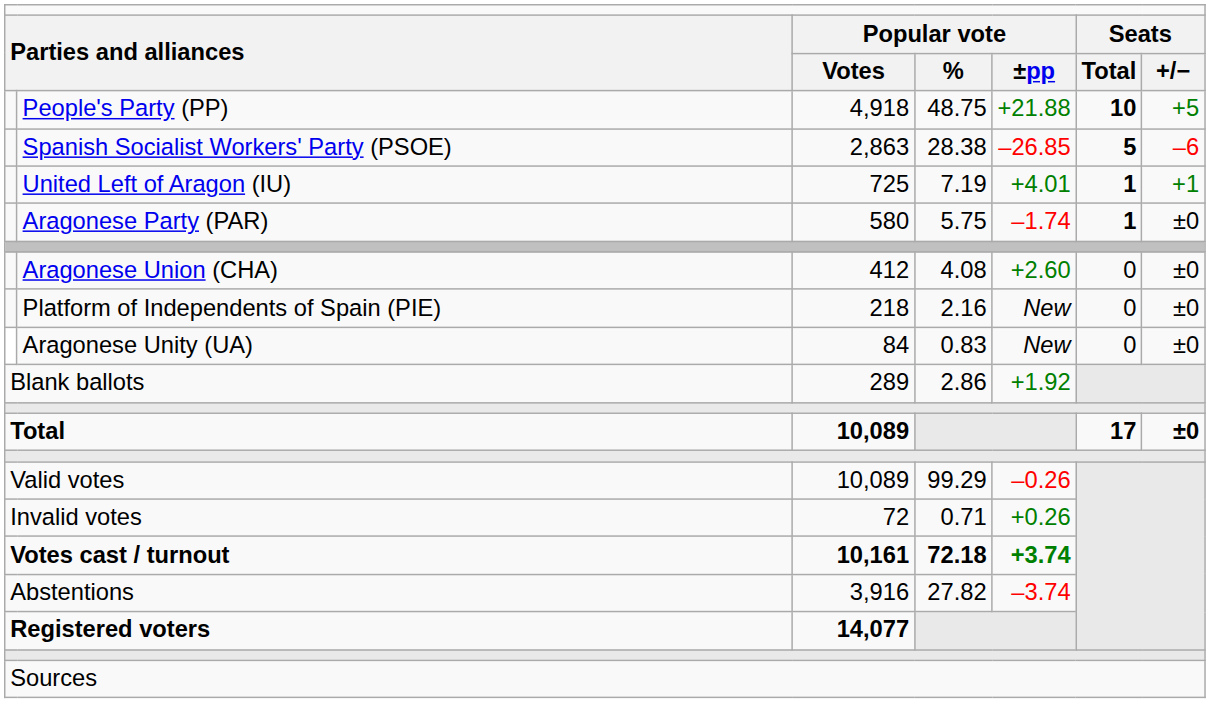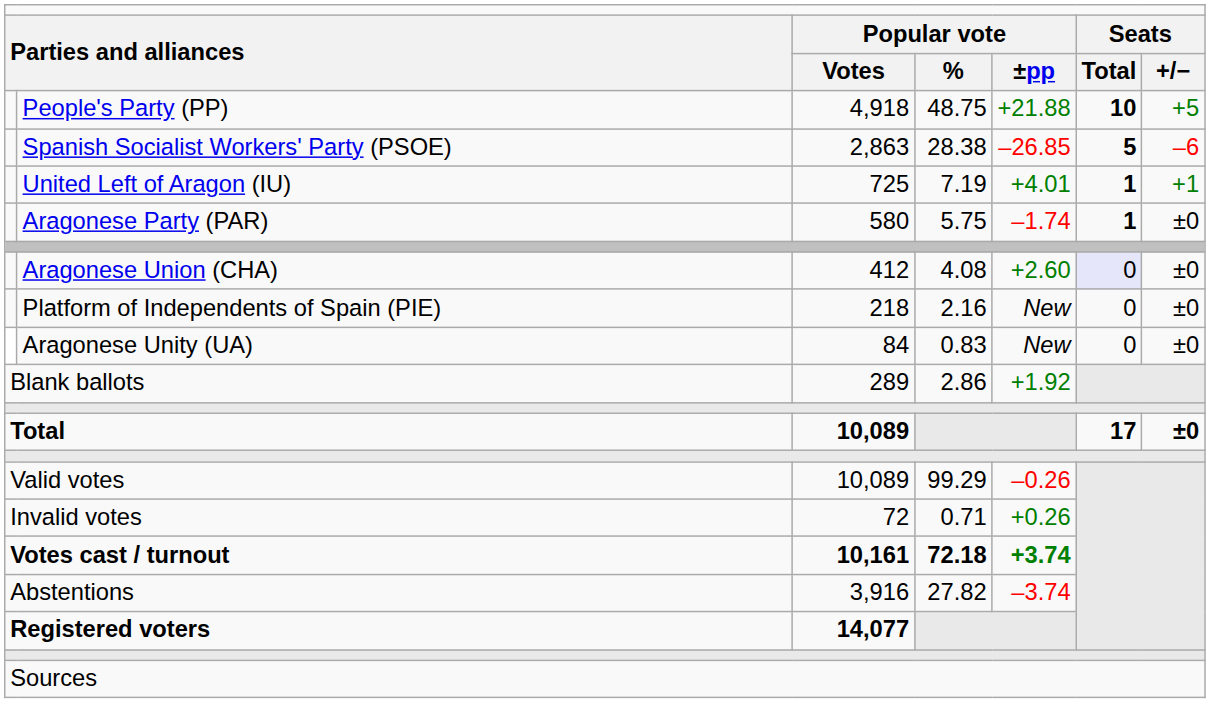 <table class="wikitable" style="text-align:right;">
 <tr>
 <td colspan="7"></td>
 </tr>
 <tr>
 <th style="text-align:left;" rowspan="2" colspan="2" width="525">Parties and alliances</th>
 <th colspan="3">Popular vote</th>
 <th colspan="2">Seats</th>
 </tr>
 <tr>
 <th width="75">Votes</th>
 <th width="45">%</th>
 <th width="45">±<a href='#'>pp</a></th>
 <th width="35">Total</th>
 <th width="35">+/−</th>
 </tr>
 <tr>
 <td width="1" style="color:inherit;background:"></td>
 <td align="left"><a href='#'>People's Party</a> (PP)</td>
 <td>4,918</td>
 <td>48.75</td>
 <td style="color:green;">+21.88</td>
 <td><strong>10</strong></td>
 <td style="color:green;">+5</td>
 </tr>
 <tr>
 <td style="color:inherit;background:"></td>
 <td align="left"><a href='#'>Spanish Socialist Workers' Party</a> (PSOE)</td>
 <td>2,863</td>
 <td>28.38</td>
 <td style="color:red;">–26.85</td>
 <td><strong>5</strong></td>
 <td style="color:red;">–6</td>
 </tr>
 <tr>
 <td style="color:inherit;background:"></td>
 <td align="left"><a href='#'>United Left of Aragon</a> (IU)</td>
 <td>725</td>
 <td>7.19</td>
 <td style="color:green;">+4.01</td>
 <td><strong>1</strong></td>
 <td style="color:green;">+1</td>
 </tr>
 <tr>
 <td style="color:inherit;background:"></td>
 <td align="left"><a href='#'>Aragonese Party</a> (PAR)</td>
 <td>580</td>
 <td>5.75</td>
 <td style="color:red;">–1.74</td>
 <td><strong>1</strong></td>
 <td>±0</td>
 </tr>
 <tr>
 <td colspan="7" bgcolor="#C0C0C0"></td>
 </tr>
 <tr>
 <td style="color:inherit;background:"></td>
 <td align="left"><a href='#'>Aragonese Union</a> (CHA)</td>
 <td>412</td>
 <td>4.08</td>
 <td style="color:green;">+2.60</td>
-<td>0</td>
+<td style="background: lavender;">0</td>
 <td>±0</td>
 </tr>
 <tr>
 <td style="color:inherit;background:"></td>
 <td align="left">Platform of Independents of Spain (PIE)</td>
 <td>218</td>
 <td>2.16</td>
 <td><em>New</em></td>
 <td>0</td>
 <td>±0</td>
 </tr>
 <tr>
 <td bgcolor="white"></td>
 <td align="left">Aragonese Unity (UA)</td>
 <td>84</td>
 <td>0.83</td>
 <td><em>New</em></td>
 <td>0</td>
 <td>±0</td>
 </tr>
 <tr>
 <td align="left" colspan="2">Blank ballots</td>
 <td>289</td>
 <td>2.86</td>
 <td style="color:green;">+1.92</td>
 <td bgcolor="#E9E9E9" colspan="2"></td>
 </tr>
 <tr>
 <td colspan="7" bgcolor="#E9E9E9"></td>
 </tr>
 <tr style="font-weight:bold;">
 <td align="left" colspan="2">Total</td>
 <td>10,089</td>
 <td bgcolor="#E9E9E9" colspan="2"></td>
 <td>17</td>
 <td>±0</td>
 </tr>
 <tr>
 <td colspan="7" bgcolor="#E9E9E9"></td>
 </tr>
 <tr>
 <td align="left" colspan="2">Valid votes</td>
 <td>10,089</td>
 <td>99.29</td>
 <td style="color:red;">–0.26</td>
 <td bgcolor="#E9E9E9" colspan="2" rowspan="5"></td>
 </tr>
 <tr>
 <td align="left" colspan="2">Invalid votes</td>
 <td>72</td>
 <td>0.71</td>
 <td style="color:green;">+0.26</td>
 </tr>
 <tr style="font-weight:bold;">
 <td align="left" colspan="2">Votes cast / turnout</td>
 <td>10,161</td>
 <td>72.18</td>
 <td style="color:green;">+3.74</td>
 </tr>
 <tr>
 <td align="left" colspan="2">Abstentions</td>
 <td>3,916</td>
 <td>27.82</td>
 <td style="color:red;">–3.74</td>
 </tr>
 <tr style="font-weight:bold;">
 <td align="left" colspan="2">Registered voters</td>
 <td>14,077</td>
 <td bgcolor="#E9E9E9" colspan="2"></td>
 </tr>
 <tr>
 <td colspan="7" bgcolor="#E9E9E9"></td>
 </tr>
 <tr>
 <td align="left" colspan="7">Sources</td>
 </tr>
 </table>
